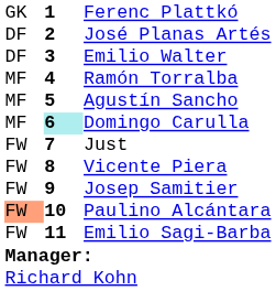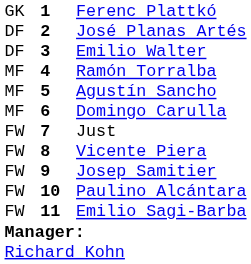 <table style="font-size:90%; margin:0.2em auto;" cellspacing="0" cellpadding="0">
 <tr>
 <th width="25"></th>
 <th width="25"></th>
 </tr>
 <tr>
 <td>GK</td>
 <td><strong>1</strong></td>
 <td> <a href='#'>Ferenc Plattkó</a></td>
 </tr>
 <tr>
 <td>DF</td>
 <td><strong>2</strong></td>
 <td> <a href='#'>José Planas Artés</a></td>
 </tr>
 <tr>
 <td>DF</td>
 <td><strong>3</strong></td>
 <td> <a href='#'>Emilio Walter</a></td>
 </tr>
 <tr>
 <td>MF</td>
 <td><strong>4</strong></td>
 <td> <a href='#'>Ramón Torralba</a></td>
 </tr>
 <tr>
 <td>MF</td>
 <td><strong>5</strong></td>
 <td> <a href='#'>Agustín Sancho</a></td>
 </tr>
 <tr>
 <td>MF</td>
-<td style="background: paleturquoise;"><strong>6</strong></td>
+<td><strong>6</strong></td>
 <td> <a href='#'>Domingo Carulla</a></td>
 </tr>
 <tr>
 <td>FW</td>
 <td><strong>7</strong></td>
 <td> Just</td>
 </tr>
 <tr>
 <td>FW</td>
 <td><strong>8</strong></td>
 <td> <a href='#'>Vicente Piera</a></td>
 </tr>
 <tr>
 <td>FW</td>
 <td><strong>9</strong></td>
 <td> <a href='#'>Josep Samitier</a></td>
 </tr>
 <tr>
-<td style="background: lightsalmon;">FW</td>
+<td>FW</td>
 <td><strong>10</strong></td>
 <td> <a href='#'>Paulino Alcántara</a></td>
 </tr>
 <tr>
 <td>FW</td>
 <td><strong>11</strong></td>
 <td> <a href='#'>Emilio Sagi-Barba</a></td>
 </tr>
 <tr>
 <td colspan=3><strong>Manager:</strong></td>
 </tr>
 <tr>
 <td colspan=4> <a href='#'>Richard Kohn</a></td>
 </tr>
 </table>
